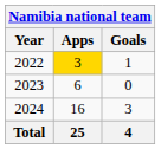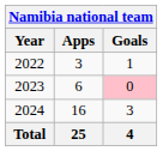 <table class="wikitable" style="text-align:center">
 <tr>
 <th colspan=3><a href='#'>Namibia national team</a></th>
 </tr>
 <tr>
 <th>Year</th>
 <th>Apps</th>
 <th>Goals</th>
 </tr>
 <tr>
 <td>2022</td>
-<td style="background: gold;">3</td>
+<td>3</td>
 <td>1</td>
 </tr>
 <tr>
 <td>2023</td>
 <td>6</td>
-<td>0</td>
+<td style="background: pink;">0</td>
 </tr>
 <tr>
 <td>2024</td>
 <td>16</td>
 <td>3</td>
 </tr>
 <tr>
 <th>Total</th>
 <th>25</th>
 <th>4</th>
 </tr>
 </table>
